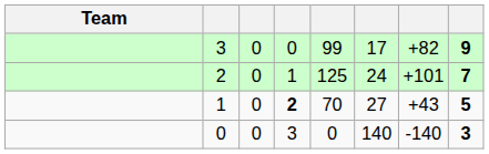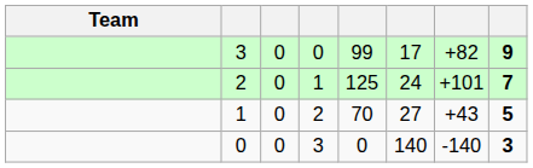 <table class="wikitable" style="text-align:center;">
 <tr>
 <th style="width:10.5em;">Team</th>
 <th style="width:1.5em;"></th>
 <th style="width:1.5em;"></th>
 <th style="width:1.5em;"></th>
 <th style="width:2.0em;"></th>
 <th style="width:2.0em;"></th>
 <th style="width:2.0em;"></th>
 <th style="width:1.5em;"></th>
 </tr>
 <tr bgcolor=#cfc>
 <td align="left"></td>
 <td>3</td>
 <td>0</td>
 <td>0</td>
 <td>99</td>
 <td>17</td>
 <td>+82</td>
 <td><strong>9</strong></td>
 </tr>
 <tr bgcolor=#cfc>
 <td align="left"></td>
 <td>2</td>
 <td>0</td>
 <td>1</td>
 <td>125</td>
 <td>24</td>
 <td>+101</td>
 <td><strong>7</strong></td>
 </tr>
 <tr>
 <td align="left"></td>
 <td>1</td>
 <td>0</td>
-<td><strong>2</strong></td>
+<td>2</td>
 <td>70</td>
 <td>27</td>
 <td>+43</td>
 <td><strong>5</strong></td>
 </tr>
 <tr>
 <td align="left"></td>
 <td>0</td>
 <td>0</td>
 <td>3</td>
 <td>0</td>
 <td>140</td>
 <td>-140</td>
 <td><strong>3</strong></td>
 </tr>
 </table>
